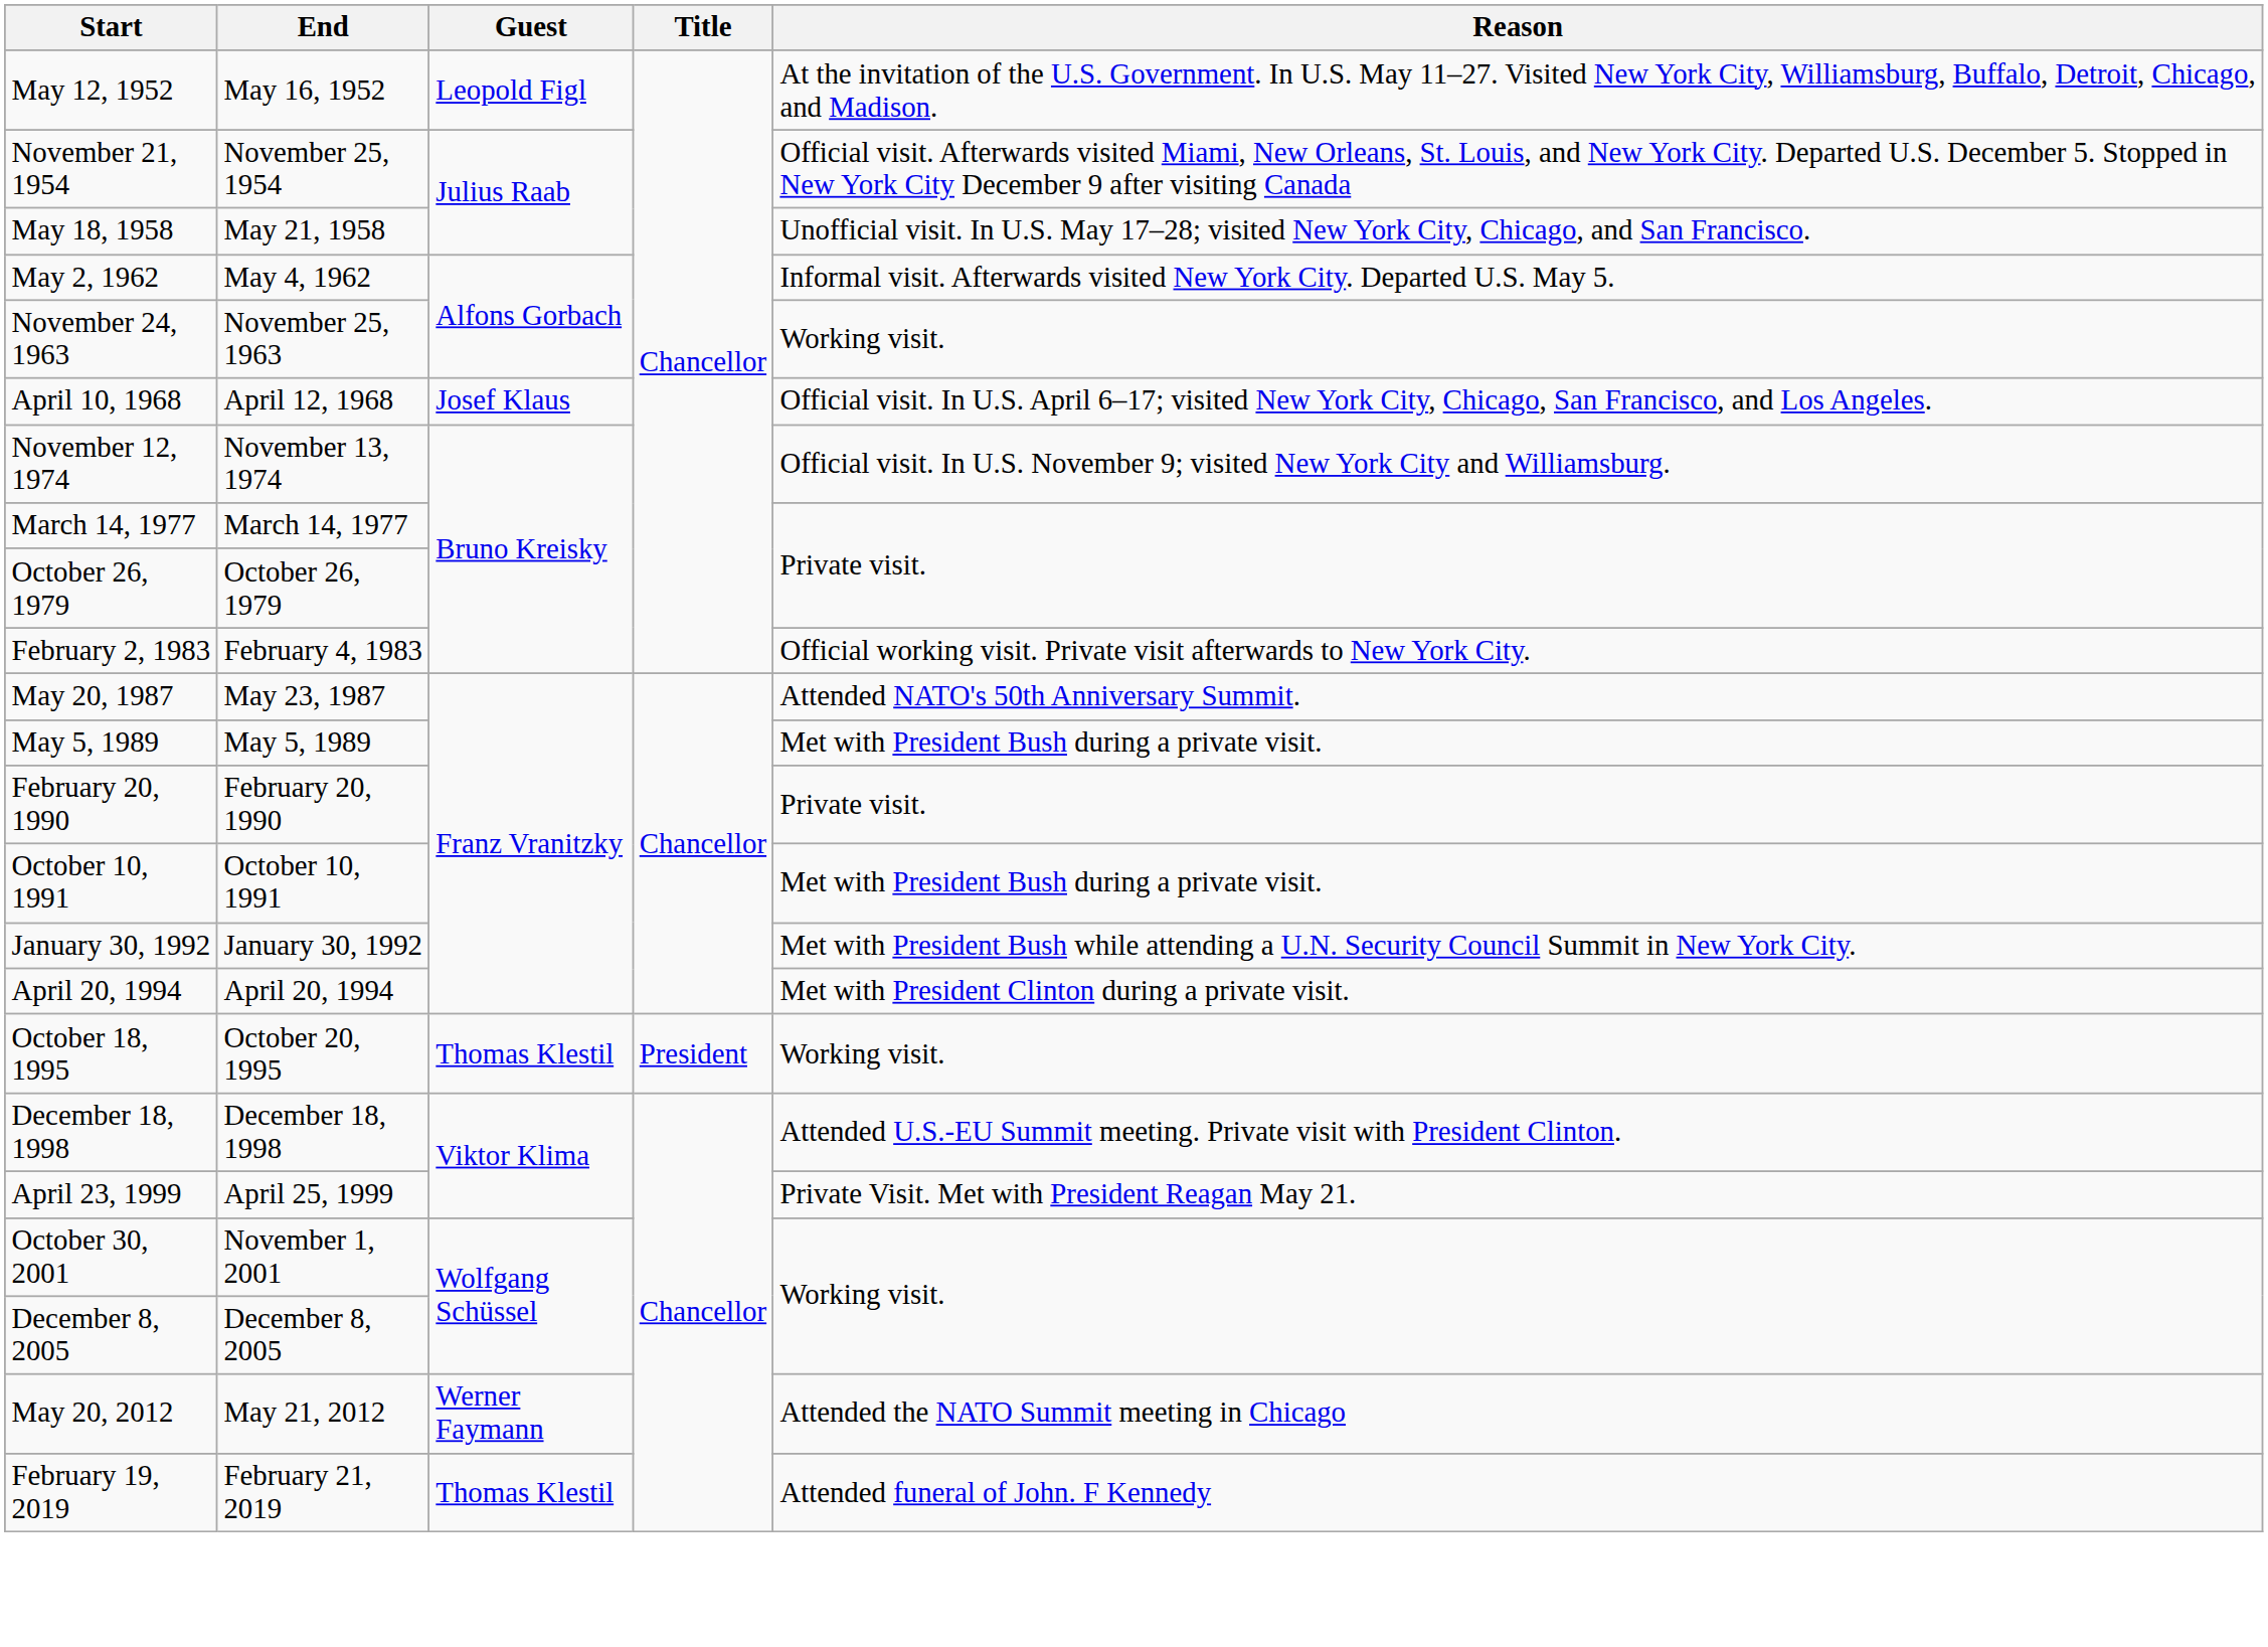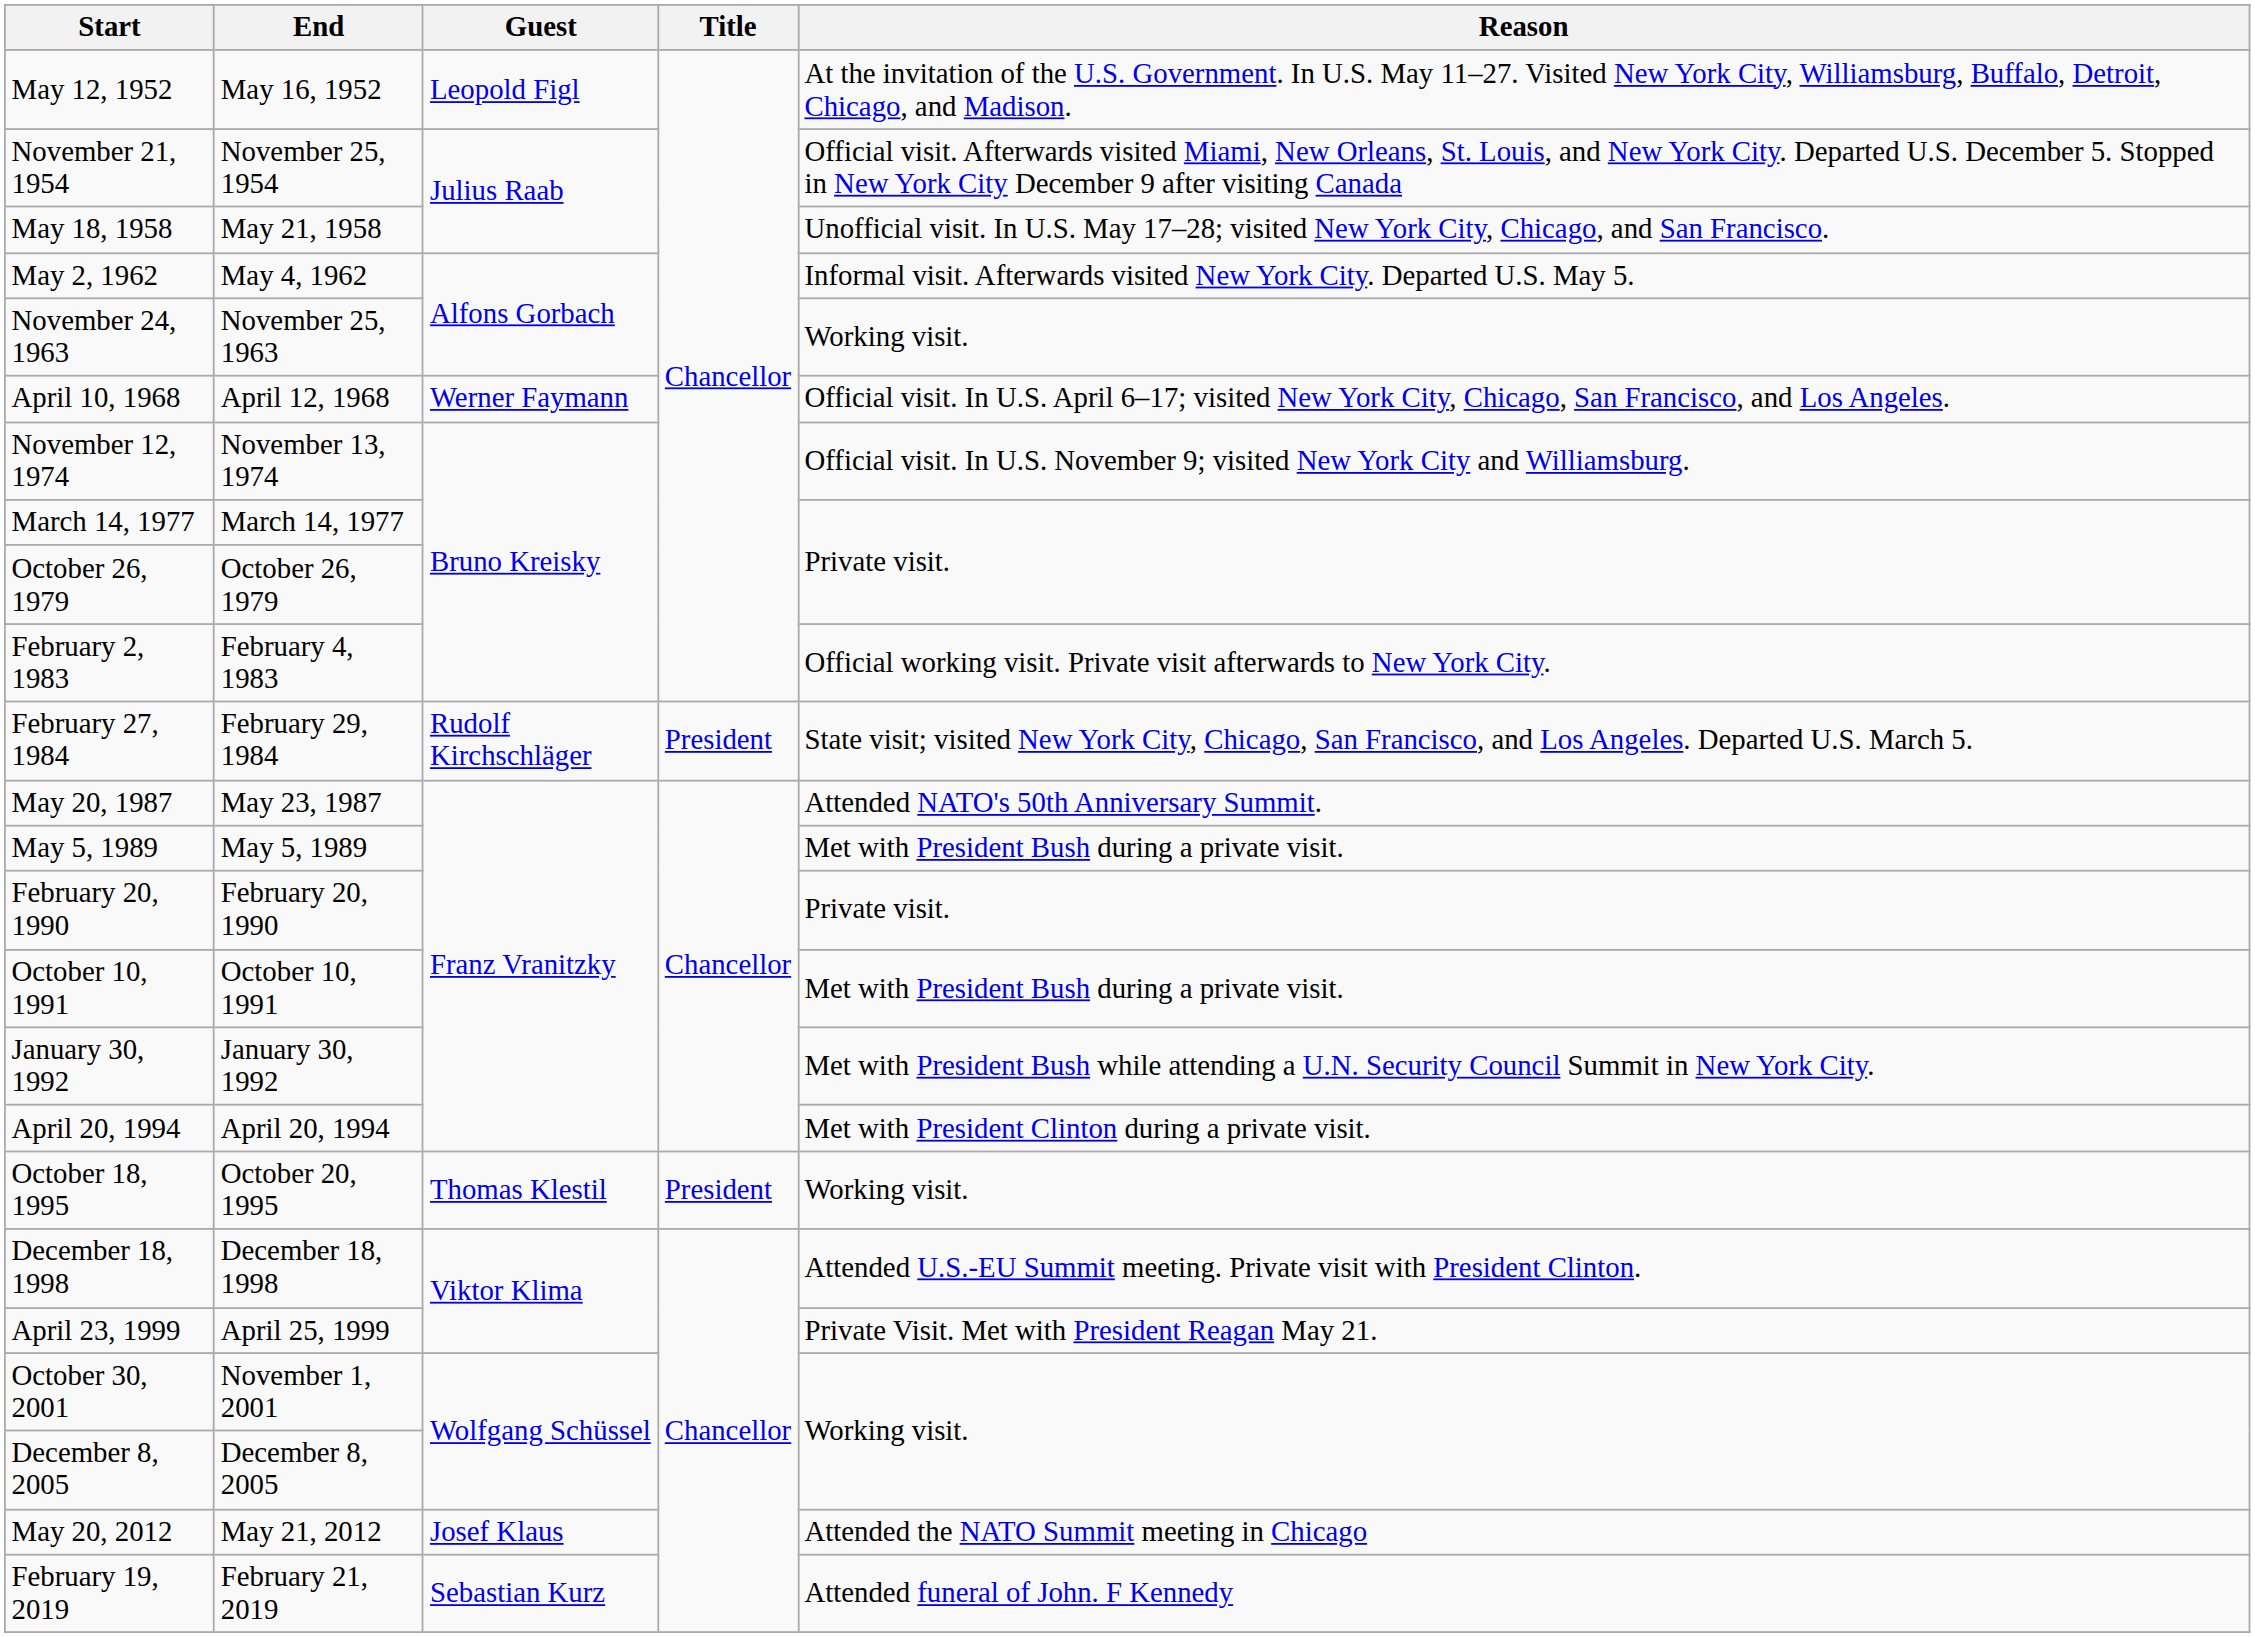 <table class="wikitable sortable">
 <tr>
 <th>Start</th>
 <th>End</th>
 <th>Guest</th>
 <th>Title</th>
 <th>Reason</th>
 </tr>
 <tr>
 <td>May 12, 1952</td>
 <td>May 16, 1952</td>
 <td><a href='#'>Leopold Figl</a></td>
 <td rowspan=10><a href='#'>Chancellor</a></td>
 <td>At the invitation of the <a href='#'>U.S. Government</a>. In U.S. May 11–27. Visited <a href='#'>New York City</a>, <a href='#'>Williamsburg</a>, <a href='#'>Buffalo</a>, <a href='#'>Detroit</a>, <a href='#'>Chicago</a>, and <a href='#'>Madison</a>.</td>
 </tr>
 <tr>
 <td>November 21, 1954</td>
 <td>November 25, 1954</td>
 <td rowspan=2><a href='#'>Julius Raab</a></td>
 <td>Official visit. Afterwards visited <a href='#'>Miami</a>, <a href='#'>New Orleans</a>, <a href='#'>St. Louis</a>, and <a href='#'>New York City</a>. Departed U.S. December 5. Stopped in <a href='#'>New York City</a> December 9 after visiting <a href='#'>Canada</a></td>
 </tr>
 <tr>
 <td>May 18, 1958</td>
 <td>May 21, 1958</td>
 <td>Unofficial visit. In U.S. May 17–28; visited <a href='#'>New York City</a>, <a href='#'>Chicago</a>, and <a href='#'>San Francisco</a>.</td>
 </tr>
 <tr>
 <td>May 2, 1962</td>
 <td>May 4, 1962</td>
 <td rowspan=2><a href='#'>Alfons Gorbach</a></td>
 <td>Informal visit. Afterwards visited <a href='#'>New York City</a>. Departed U.S. May 5.</td>
 </tr>
 <tr>
 <td>November 24, 1963</td>
 <td>November 25, 1963</td>
 <td>Working visit.</td>
 </tr>
 <tr>
 <td>April 10, 1968</td>
 <td>April 12, 1968</td>
-<td><a href='#'>Josef Klaus</a></td>
+<td><a href='#'>Werner Faymann</a></td>
 <td>Official visit. In U.S. April 6–17; visited <a href='#'>New York City</a>, <a href='#'>Chicago</a>, <a href='#'>San Francisco</a>, and <a href='#'>Los Angeles</a>.</td>
 </tr>
 <tr>
 <td>November 12, 1974</td>
 <td>November 13, 1974</td>
 <td rowspan=4><a href='#'>Bruno Kreisky</a></td>
 <td>Official visit. In U.S. November 9; visited <a href='#'>New York City</a> and <a href='#'>Williamsburg</a>.</td>
 </tr>
 <tr>
 <td>March 14, 1977</td>
 <td>March 14, 1977</td>
 <td rowspan=2>Private visit.</td>
 </tr>
 <tr>
 <td>October 26, 1979</td>
 <td>October 26, 1979</td>
 </tr>
 <tr>
 <td>February 2, 1983</td>
 <td>February 4, 1983</td>
 <td>Official working visit. Private visit afterwards to <a href='#'>New York City</a>.</td>
+</tr>
+<tr>
+<td>February 27, 1984</td>
+<td>February 29, 1984</td>
+<td><a href='#'>Rudolf Kirchschläger</a></td>
+<td><a href='#'>President</a></td>
+<td>State visit; visited <a href='#'>New York City</a>, <a href='#'>Chicago</a>, <a href='#'>San Francisco</a>, and <a href='#'>Los Angeles</a>. Departed U.S. March 5.</td>
 </tr>
 <tr>
 <td>May 20, 1987</td>
 <td>May 23, 1987</td>
 <td rowspan=6><a href='#'>Franz Vranitzky</a></td>
 <td rowspan=6><a href='#'>Chancellor</a></td>
 <td>Attended <a href='#'>NATO's 50th Anniversary Summit</a>.</td>
 </tr>
 <tr>
 <td>May 5, 1989</td>
 <td>May 5, 1989</td>
 <td>Met with <a href='#'>President Bush</a> during a private visit.</td>
 </tr>
 <tr>
 <td>February 20, 1990</td>
 <td>February 20, 1990</td>
 <td>Private visit.</td>
 </tr>
 <tr>
 <td>October 10, 1991</td>
 <td>October 10, 1991</td>
 <td>Met with <a href='#'>President Bush</a> during a private visit.</td>
 </tr>
 <tr>
 <td>January 30, 1992</td>
 <td>January 30, 1992</td>
 <td>Met with <a href='#'>President Bush</a> while attending a <a href='#'>U.N. Security Council</a> Summit in <a href='#'>New York City</a>.</td>
 </tr>
 <tr>
 <td>April 20, 1994</td>
 <td>April 20, 1994</td>
 <td>Met with <a href='#'>President Clinton</a> during a private visit.</td>
 </tr>
 <tr>
 <td>October 18, 1995</td>
 <td>October 20, 1995</td>
 <td><a href='#'>Thomas Klestil</a></td>
 <td><a href='#'>President</a></td>
 <td>Working visit.</td>
 </tr>
 <tr>
 <td>December 18, 1998</td>
 <td>December 18, 1998</td>
 <td rowspan=2><a href='#'>Viktor Klima</a></td>
 <td rowspan=6><a href='#'>Chancellor</a></td>
 <td>Attended <a href='#'>U.S.-EU Summit</a> meeting. Private visit with <a href='#'>President Clinton</a>.</td>
 </tr>
 <tr>
 <td>April 23, 1999</td>
 <td>April 25, 1999</td>
 <td>Private Visit. Met with <a href='#'>President Reagan</a> May 21.</td>
 </tr>
 <tr>
 <td>October 30, 2001</td>
 <td>November 1, 2001</td>
 <td rowspan=2><a href='#'>Wolfgang Schüssel</a></td>
 <td rowspan=2>Working visit.</td>
 </tr>
 <tr>
 <td>December 8, 2005</td>
 <td>December 8, 2005</td>
 </tr>
 <tr>
 <td>May 20, 2012</td>
 <td>May 21, 2012</td>
-<td><a href='#'>Werner Faymann</a></td>
+<td><a href='#'>Josef Klaus</a></td>
 <td>Attended the <a href='#'>NATO Summit</a> meeting in <a href='#'>Chicago</a></td>
 </tr>
 <tr>
 <td>February 19, 2019</td>
 <td>February 21, 2019</td>
-<td><a href='#'>Thomas Klestil</a></td>
+<td><a href='#'>Sebastian Kurz</a></td>
 <td>Attended <a href='#'>funeral of John. F Kennedy</a></td>
 </tr>
 </table>
